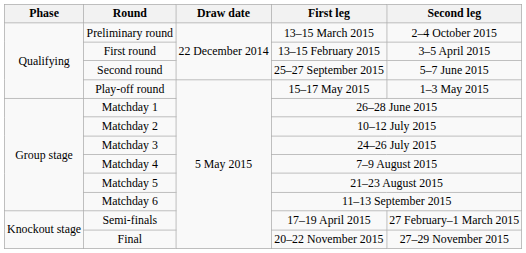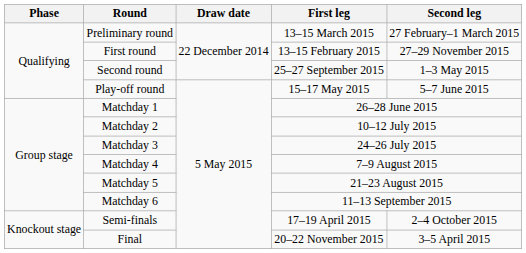 <table class="wikitable" style="text-align:center">
 <tr>
 <th>Phase</th>
 <th>Round</th>
 <th>Draw date</th>
 <th>First leg</th>
 <th>Second leg</th>
 </tr>
 <tr>
 <td rowspan=4>Qualifying</td>
 <td>Preliminary round</td>
 <td rowspan=3>22 December 2014</td>
 <td>13–15 March 2015</td>
-<td>2–4 October 2015</td>
+<td>27 February–1 March 2015</td>
 </tr>
 <tr>
 <td>First round</td>
 <td>13–15 February 2015</td>
-<td>3–5 April 2015</td>
+<td>27–29 November 2015</td>
 </tr>
 <tr>
 <td>Second round</td>
 <td>25–27 September 2015</td>
-<td>5–7 June 2015</td>
+<td>1–3 May 2015</td>
 </tr>
 <tr>
 <td>Play-off round</td>
 <td rowspan=9>5 May 2015</td>
 <td>15–17 May 2015</td>
-<td>1–3 May 2015</td>
+<td>5–7 June 2015</td>
 </tr>
 <tr>
 <td rowspan=6>Group stage</td>
 <td>Matchday 1</td>
 <td colspan=2>26–28 June 2015</td>
 </tr>
 <tr>
 <td>Matchday 2</td>
 <td colspan=2>10–12 July 2015</td>
 </tr>
 <tr>
 <td>Matchday 3</td>
 <td colspan=2>24–26 July 2015</td>
 </tr>
 <tr>
 <td>Matchday 4</td>
 <td colspan=2>7–9 August 2015</td>
 </tr>
 <tr>
 <td>Matchday 5</td>
 <td colspan=2>21–23 August 2015</td>
 </tr>
 <tr>
 <td>Matchday 6</td>
 <td colspan=2>11–13 September 2015</td>
 </tr>
 <tr>
 <td rowspan=2>Knockout stage</td>
 <td>Semi-finals</td>
 <td>17–19 April 2015</td>
-<td>27 February–1 March 2015</td>
+<td>2–4 October 2015</td>
 </tr>
 <tr>
 <td>Final</td>
 <td>20–22 November 2015</td>
-<td>27–29 November 2015</td>
+<td>3–5 April 2015</td>
 </tr>
 </table>
